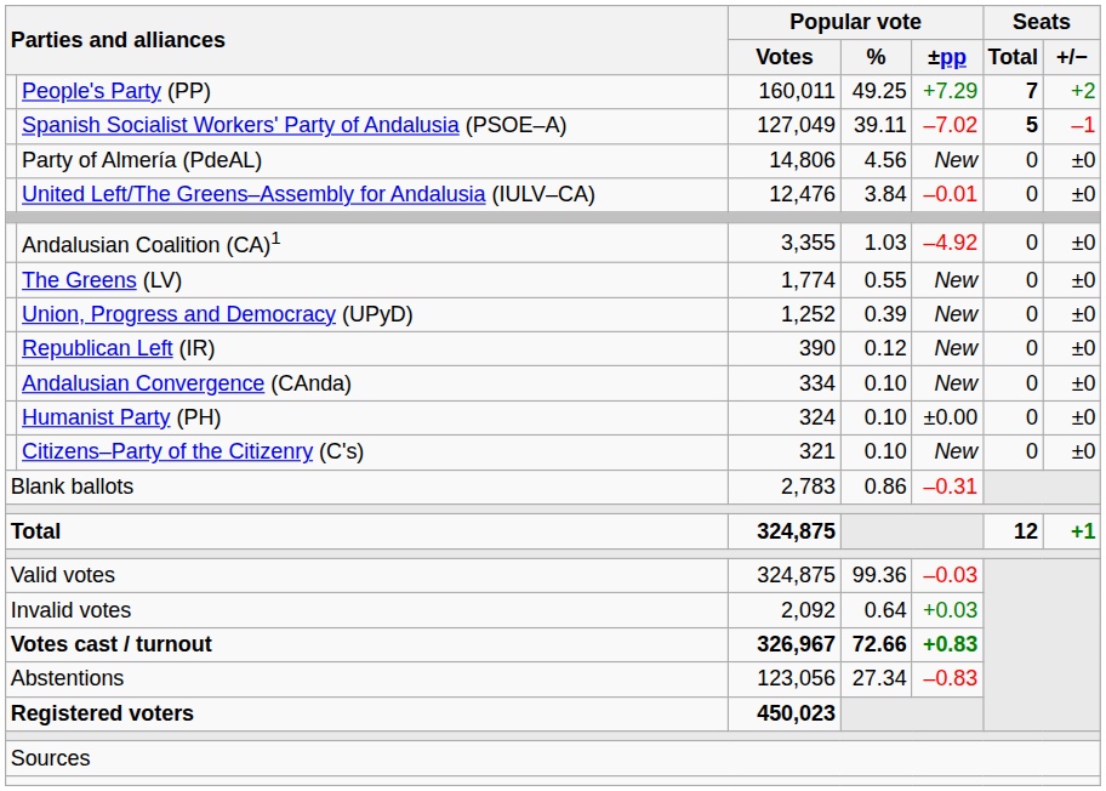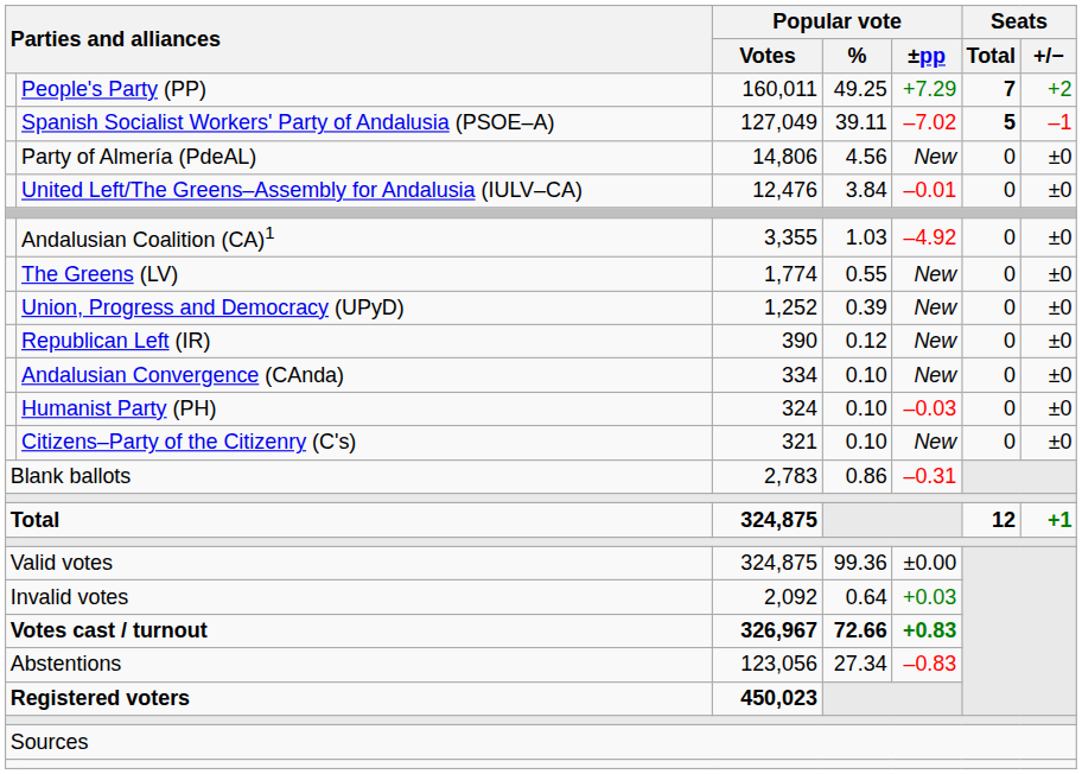 <table class="wikitable" style="text-align:right;">
 <tr>
 <th style="text-align:left;" rowspan="2" colspan="2" width="525">Parties and alliances</th>
 <th colspan="3">Popular vote</th>
 <th colspan="2">Seats</th>
 </tr>
 <tr>
 <th width="75">Votes</th>
 <th width="45">%</th>
 <th width="45">±<a href='#'>pp</a></th>
 <th width="35">Total</th>
 <th width="35">+/−</th>
 </tr>
 <tr>
 <td width="1" style="color:inherit;background:"></td>
 <td align="left"><a href='#'>People's Party</a> (PP)</td>
 <td>160,011</td>
 <td>49.25</td>
 <td style="color:green;">+7.29</td>
 <td><strong>7</strong></td>
 <td style="color:green;">+2</td>
 </tr>
 <tr>
 <td style="color:inherit;background:"></td>
 <td align="left"><a href='#'>Spanish Socialist Workers' Party of Andalusia</a> (PSOE–A)</td>
 <td>127,049</td>
 <td>39.11</td>
 <td style="color:red;">–7.02</td>
 <td><strong>5</strong></td>
 <td style="color:red;">–1</td>
 </tr>
 <tr>
 <td style="color:inherit;background:"></td>
 <td align="left">Party of Almería (PdeAL)</td>
 <td>14,806</td>
 <td>4.56</td>
 <td><em>New</em></td>
 <td>0</td>
 <td>±0</td>
 </tr>
 <tr>
 <td style="color:inherit;background:"></td>
 <td align="left"><a href='#'>United Left/The Greens–Assembly for Andalusia</a> (IULV–CA)</td>
 <td>12,476</td>
 <td>3.84</td>
 <td style="color:red;">–0.01</td>
 <td>0</td>
 <td>±0</td>
 </tr>
 <tr>
 <td colspan="7" bgcolor="#C0C0C0"></td>
 </tr>
 <tr>
 <td style="color:inherit;background:"></td>
 <td align="left">Andalusian Coalition (CA)<sup>1</sup></td>
 <td>3,355</td>
 <td>1.03</td>
 <td style="color:red;">–4.92</td>
 <td>0</td>
 <td>±0</td>
 </tr>
 <tr>
 <td style="color:inherit;background:"></td>
 <td align="left"><a href='#'>The Greens</a> (LV)</td>
 <td>1,774</td>
 <td>0.55</td>
 <td><em>New</em></td>
 <td>0</td>
 <td>±0</td>
 </tr>
 <tr>
 <td style="color:inherit;background:"></td>
 <td align="left"><a href='#'>Union, Progress and Democracy</a> (UPyD)</td>
 <td>1,252</td>
 <td>0.39</td>
 <td><em>New</em></td>
 <td>0</td>
 <td>±0</td>
 </tr>
 <tr>
 <td style="color:inherit;background:"></td>
 <td align="left"><a href='#'>Republican Left</a> (IR)</td>
 <td>390</td>
 <td>0.12</td>
 <td><em>New</em></td>
 <td>0</td>
 <td>±0</td>
 </tr>
 <tr>
 <td style="color:inherit;background:"></td>
 <td align="left"><a href='#'>Andalusian Convergence</a> (CAnda)</td>
 <td>334</td>
 <td>0.10</td>
 <td><em>New</em></td>
 <td>0</td>
 <td>±0</td>
 </tr>
 <tr>
 <td style="color:inherit;background:"></td>
 <td align="left"><a href='#'>Humanist Party</a> (PH)</td>
 <td>324</td>
 <td>0.10</td>
-<td>±0.00</td>
+<td style="color:red;">–0.03</td>
 <td>0</td>
 <td>±0</td>
 </tr>
 <tr>
 <td style="color:inherit;background:"></td>
 <td align="left"><a href='#'>Citizens–Party of the Citizenry</a> (C's)</td>
 <td>321</td>
 <td>0.10</td>
 <td><em>New</em></td>
 <td>0</td>
 <td>±0</td>
 </tr>
 <tr>
 <td align="left" colspan="2">Blank ballots</td>
 <td>2,783</td>
 <td>0.86</td>
 <td style="color:red;">–0.31</td>
 <td bgcolor="#E9E9E9" colspan="2"></td>
 </tr>
 <tr>
 <td colspan="7" bgcolor="#E9E9E9"></td>
 </tr>
 <tr style="font-weight:bold;">
 <td align="left" colspan="2">Total</td>
 <td>324,875</td>
 <td bgcolor="#E9E9E9" colspan="2"></td>
 <td>12</td>
 <td style="color:green;">+1</td>
 </tr>
 <tr>
 <td colspan="7" bgcolor="#E9E9E9"></td>
 </tr>
 <tr>
 <td align="left" colspan="2">Valid votes</td>
 <td>324,875</td>
 <td>99.36</td>
-<td style="color:red;">–0.03</td>
+<td>±0.00</td>
 <td bgcolor="#E9E9E9" colspan="2" rowspan="5"></td>
 </tr>
 <tr>
 <td align="left" colspan="2">Invalid votes</td>
 <td>2,092</td>
 <td>0.64</td>
 <td style="color:green;">+0.03</td>
 </tr>
 <tr style="font-weight:bold;">
 <td align="left" colspan="2">Votes cast / turnout</td>
 <td>326,967</td>
 <td>72.66</td>
 <td style="color:green;">+0.83</td>
 </tr>
 <tr>
 <td align="left" colspan="2">Abstentions</td>
 <td>123,056</td>
 <td>27.34</td>
 <td style="color:red;">–0.83</td>
 </tr>
 <tr style="font-weight:bold;">
 <td align="left" colspan="2">Registered voters</td>
 <td>450,023</td>
 <td bgcolor="#E9E9E9" colspan="2"></td>
 </tr>
 <tr>
 <td colspan="7" bgcolor="#E9E9E9"></td>
 </tr>
 <tr>
 <td align="left" colspan="7">Sources</td>
 </tr>
 <tr>
 <td colspan="7" style="text-align:left; max-width:790px;"></td>
 </tr>
 </table>
